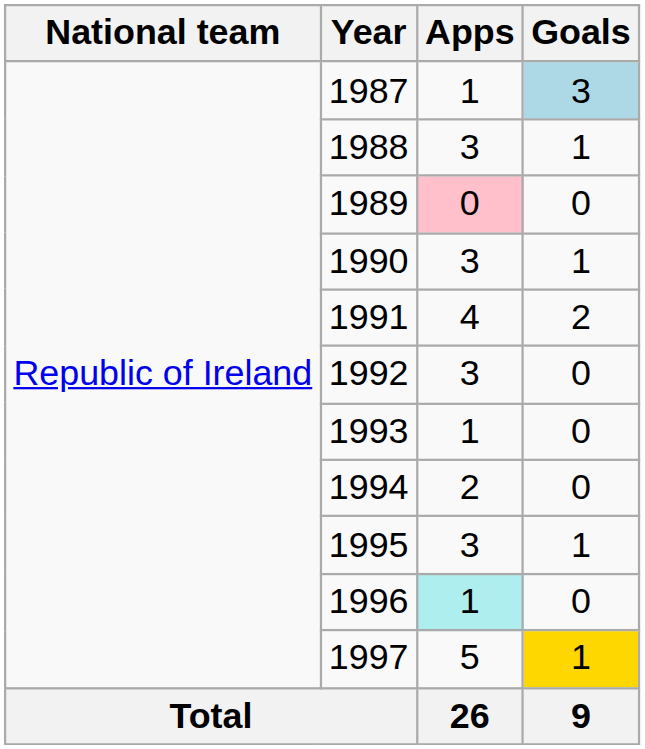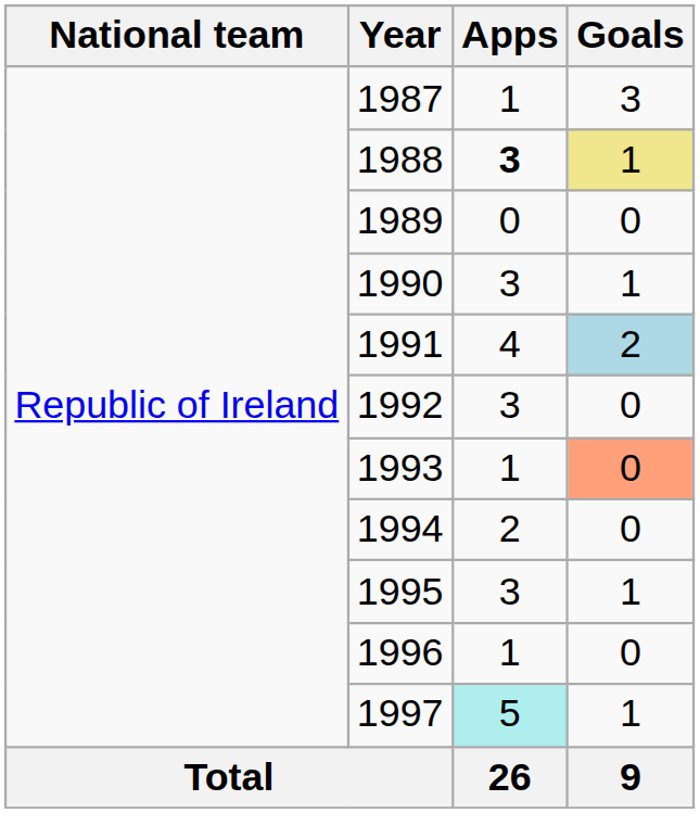 <table class="wikitable" style="text-align:center">
 <tr>
 <th>National team</th>
 <th>Year</th>
 <th>Apps</th>
 <th>Goals</th>
 </tr>
 <tr>
 <td rowspan="11"><a href='#'>Republic of Ireland</a></td>
 <td>1987</td>
 <td>1</td>
-<td style="background: lightblue;">3</td>
+<td>3</td>
 </tr>
 <tr>
 <td>1988</td>
-<td>3</td>
-<td>1</td>
+<td><strong>3</strong></td>
+<td style="background: khaki;">1</td>
 </tr>
 <tr>
 <td>1989</td>
-<td style="background: pink;">0</td>
+<td>0</td>
 <td>0</td>
 </tr>
 <tr>
 <td>1990</td>
 <td>3</td>
 <td>1</td>
 </tr>
 <tr>
 <td>1991</td>
 <td>4</td>
-<td>2</td>
+<td style="background: lightblue;">2</td>
 </tr>
 <tr>
 <td>1992</td>
 <td>3</td>
 <td>0</td>
 </tr>
 <tr>
 <td>1993</td>
 <td>1</td>
-<td>0</td>
+<td style="background: lightsalmon;">0</td>
 </tr>
 <tr>
 <td>1994</td>
 <td>2</td>
 <td>0</td>
 </tr>
 <tr>
 <td>1995</td>
 <td>3</td>
 <td>1</td>
 </tr>
 <tr>
 <td>1996</td>
-<td style="background: paleturquoise;">1</td>
+<td>1</td>
 <td>0</td>
 </tr>
 <tr>
 <td>1997</td>
-<td>5</td>
-<td style="background: gold;">1</td>
+<td style="background: paleturquoise;">5</td>
+<td>1</td>
 </tr>
 <tr>
 <th colspan="2">Total</th>
 <th>26</th>
 <th>9</th>
 </tr>
 </table>
